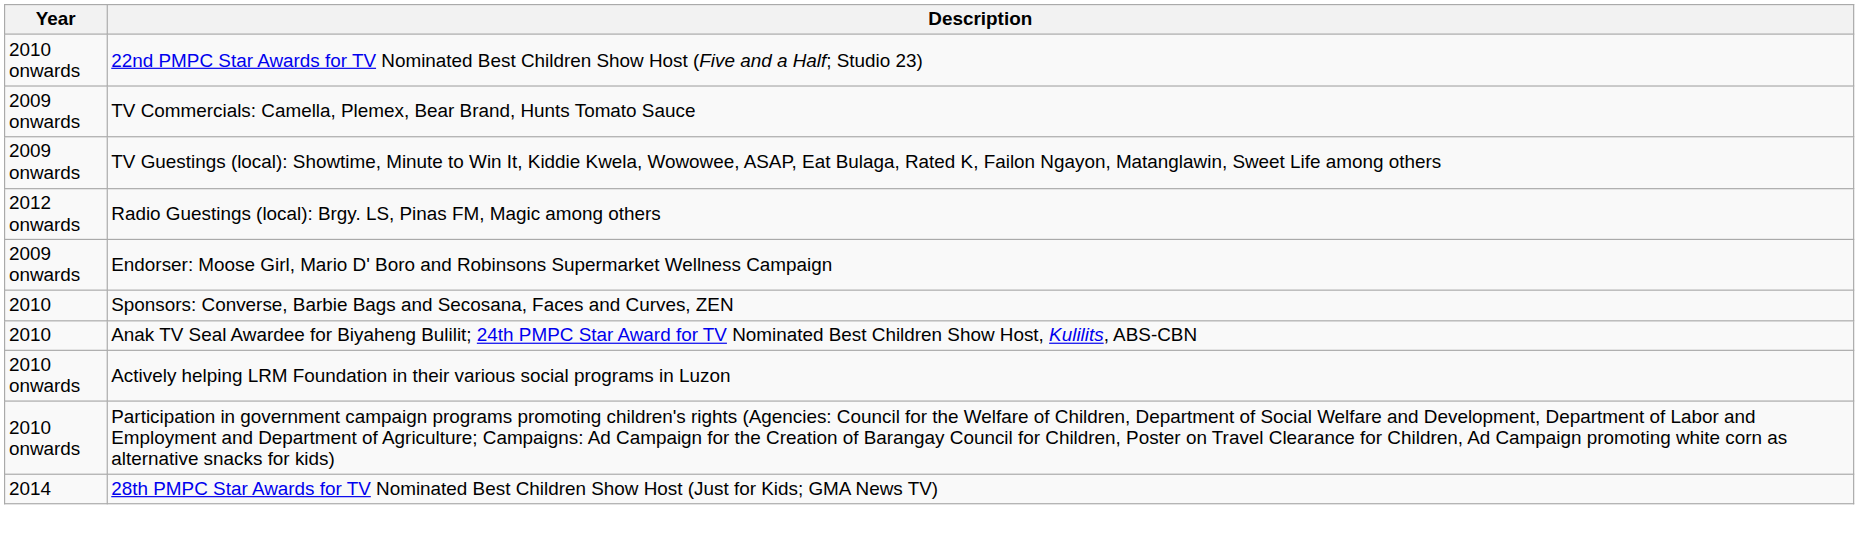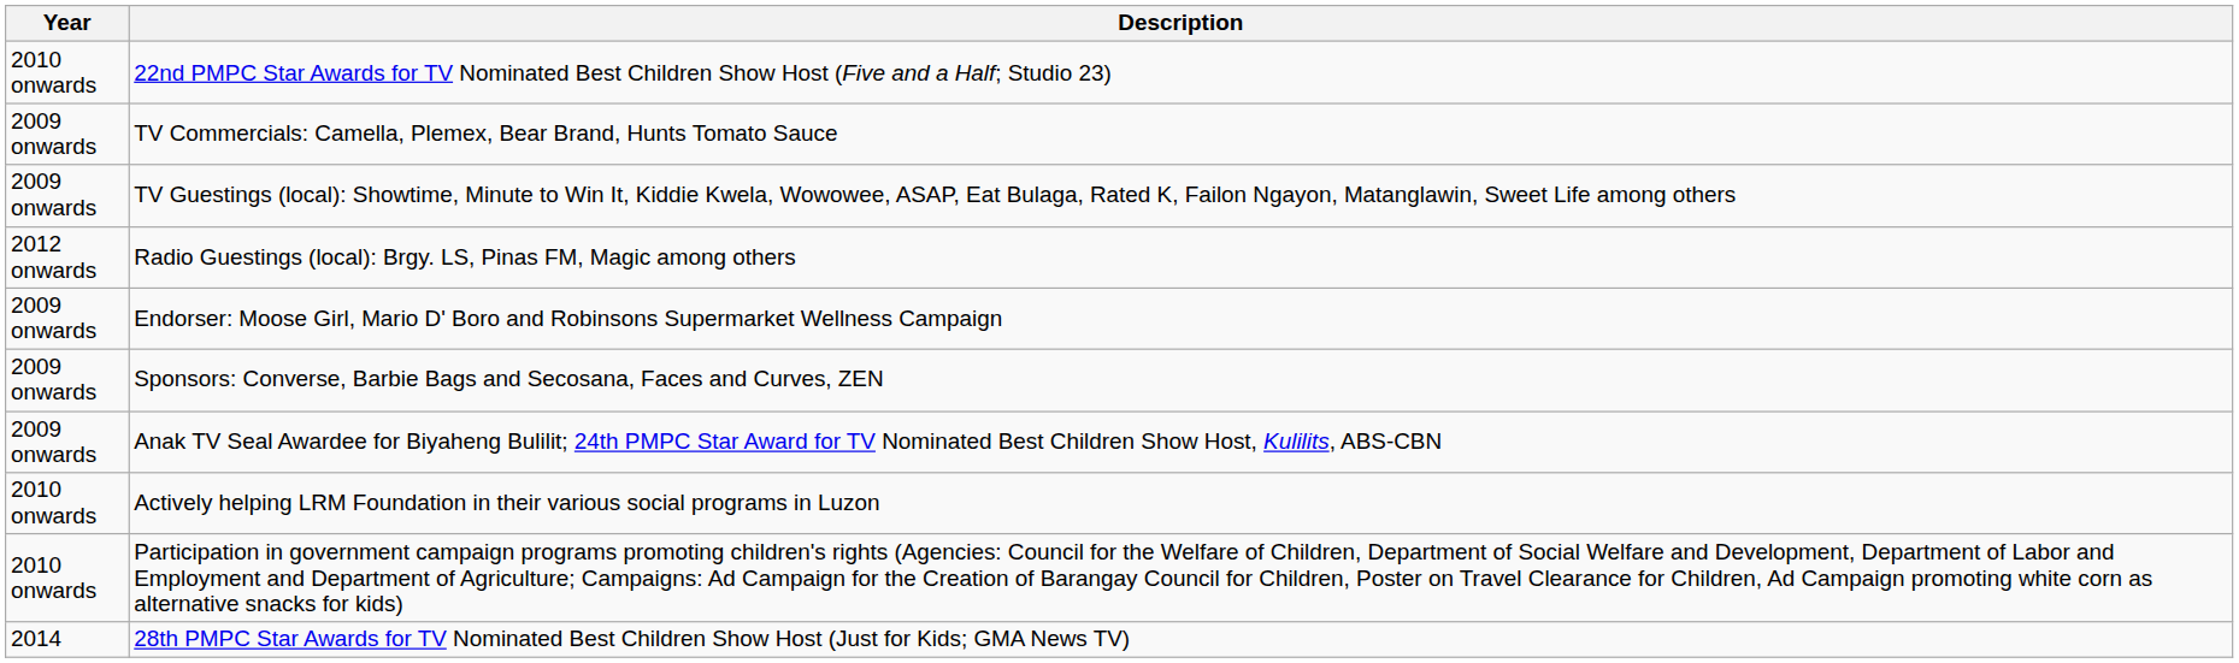 <table class="wikitable">
 <tr>
 <th>Year</th>
 <th>Description</th>
 </tr>
 <tr>
 <td>2010 onwards</td>
 <td><a href='#'>22nd PMPC Star Awards for TV</a> Nominated Best Children Show Host (<em>Five and a Half</em>; Studio 23)</td>
 </tr>
 <tr>
 <td>2009 onwards</td>
 <td>TV Commercials: Camella, Plemex, Bear Brand, Hunts Tomato Sauce</td>
 </tr>
 <tr>
 <td>2009 onwards</td>
 <td>TV Guestings (local): Showtime, Minute to Win It, Kiddie Kwela, Wowowee, ASAP, Eat Bulaga, Rated K, Failon Ngayon, Matanglawin, Sweet Life among others</td>
 </tr>
 <tr>
 <td>2012 onwards</td>
 <td>Radio Guestings (local): Brgy. LS, Pinas FM, Magic among others</td>
 </tr>
 <tr>
 <td>2009 onwards</td>
 <td>Endorser: Moose Girl, Mario D' Boro and Robinsons Supermarket Wellness Campaign</td>
 </tr>
 <tr>
-<td>2010</td>
+<td>2009 onwards</td>
 <td>Sponsors: Converse, Barbie Bags and Secosana, Faces and Curves, ZEN</td>
 </tr>
 <tr>
-<td>2010</td>
+<td>2009 onwards</td>
 <td>Anak TV Seal Awardee for Biyaheng Bulilit; <a href='#'>24th PMPC Star Award for TV</a> Nominated Best Children Show Host, <em><a href='#'>Kulilits</a></em>, ABS-CBN</td>
 </tr>
 <tr>
 <td>2010 onwards</td>
 <td>Actively helping LRM Foundation in their various social programs in Luzon</td>
 </tr>
 <tr>
 <td>2010 onwards</td>
 <td>Participation in government campaign programs promoting children's rights (Agencies: Council for the Welfare of Children, Department of Social Welfare and Development, Department of Labor and Employment and Department of Agriculture; Campaigns: Ad Campaign for the Creation of Barangay Council for Children, Poster on Travel Clearance for Children, Ad Campaign promoting white corn as alternative snacks for kids)</td>
 </tr>
 <tr>
 <td>2014</td>
 <td><a href='#'>28th PMPC Star Awards for TV</a> Nominated Best Children Show Host (Just for Kids; GMA News TV)</td>
 </tr>
 </table>
